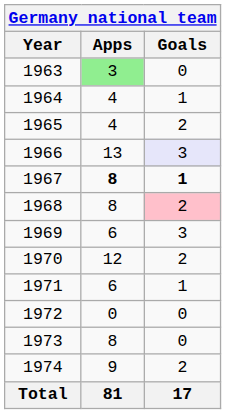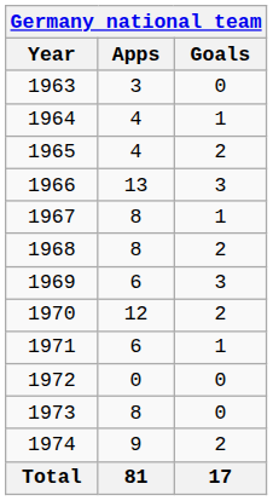 <table class="wikitable" style="text-align:center">
 <tr>
 <th colspan=3><a href='#'>Germany national team</a></th>
 </tr>
 <tr>
 <th>Year</th>
 <th>Apps</th>
 <th>Goals</th>
 </tr>
 <tr>
 <td>1963</td>
-<td style="background: lightgreen;">3</td>
+<td>3</td>
 <td>0</td>
 </tr>
 <tr>
 <td>1964</td>
 <td>4</td>
 <td>1</td>
 </tr>
 <tr>
 <td>1965</td>
 <td>4</td>
 <td>2</td>
 </tr>
 <tr>
 <td>1966</td>
 <td>13</td>
-<td style="background: lavender;">3</td>
+<td>3</td>
 </tr>
 <tr>
 <td>1967</td>
-<td><strong>8</strong></td>
-<td><strong>1</strong></td>
+<td>8</td>
+<td>1</td>
 </tr>
 <tr>
 <td>1968</td>
 <td>8</td>
-<td style="background: pink;">2</td>
+<td>2</td>
 </tr>
 <tr>
 <td>1969</td>
 <td>6</td>
 <td>3</td>
 </tr>
 <tr>
 <td>1970</td>
 <td>12</td>
 <td>2</td>
 </tr>
 <tr>
 <td>1971</td>
 <td>6</td>
 <td>1</td>
 </tr>
 <tr>
 <td>1972</td>
 <td>0</td>
 <td>0</td>
 </tr>
 <tr>
 <td>1973</td>
 <td>8</td>
 <td>0</td>
 </tr>
 <tr>
 <td>1974</td>
 <td>9</td>
 <td>2</td>
 </tr>
 <tr>
 <th>Total</th>
 <th>81</th>
 <th>17</th>
 </tr>
 </table>
